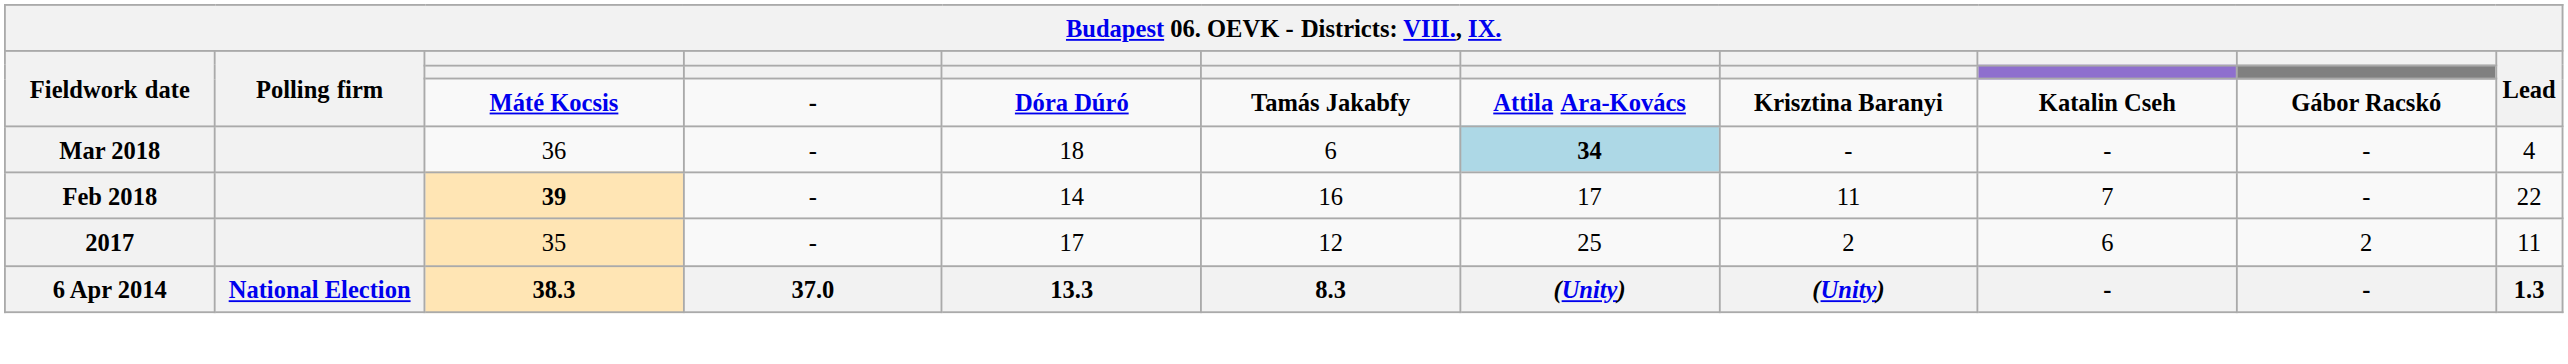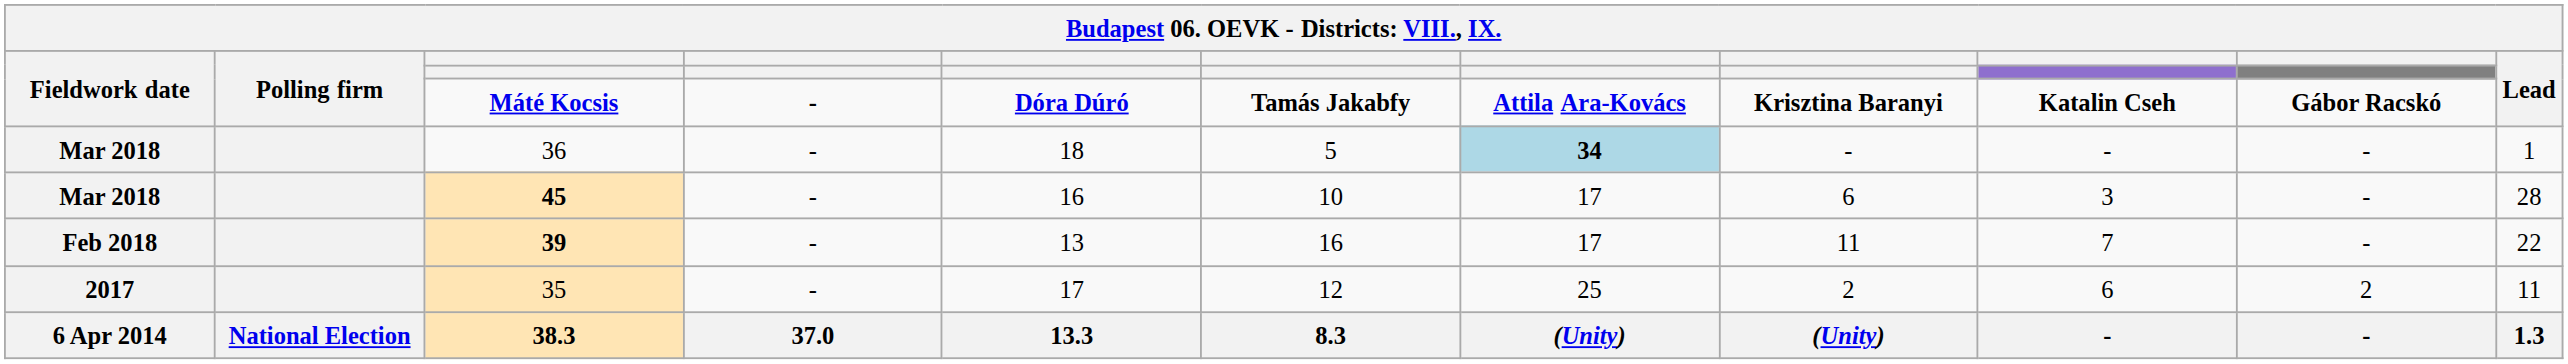 <table class="wikitable mw-collapsible mw-collapsed" style="text-align:center">
 <tr>
 <th colspan="11" style="width: 980pt;"><small><a href='#'>Budapest</a> 06. OEVK -</small> <small>Districts: <a href='#'>VIII.</a>, <a href='#'>IX.</a></small></th>
 </tr>
 <tr>
 <th rowspan="3" style="width: 80pt;"><small>Fieldwork</small> <small>date</small></th>
 <th rowspan="3" style="width: 80pt;"><strong><small>Polling</small> <small>firm</small></strong></th>
 <th style="width: 100pt;"><small></small></th>
 <th style="width: 100pt;"><small> </small></th>
 <th style="width: 100pt;"></th>
 <th style="width: 100pt;"></th>
 <th style="width: 100pt;"></th>
 <th style="width: 100pt;"></th>
 <th style="width: 100pt;"></th>
 <th style="width: 100pt;"></th>
 <th rowspan="3" style="width: 20pt;"><small>Lead</small></th>
 </tr>
 <tr>
 <th style="color:inherit;background:"></th>
 <th style="color:inherit;background:"></th>
 <th style="color:inherit;background:"></th>
 <th style="color:inherit;background:"></th>
 <th style="color:inherit;background:"></th>
 <th style="color:inherit;background:"></th>
 <th style="color:inherit;background:#8E6FCE;"></th>
 <th style="color:inherit;background:#808080;"></th>
 </tr>
 <tr>
 <td><small><strong><a href='#'>Máté Kocsis</a></strong></small></td>
 <td><small><strong>-</strong></small></td>
 <td><small><strong><a href='#'>Dóra Dúró</a></strong></small></td>
 <td><small><strong>Tamás Jakabfy</strong></small></td>
 <td><small><a href='#'><strong>Attila</strong></a></small> <small><a href='#'><strong>Ara-Kovács</strong></a></small></td>
 <td><small><strong>Krisztina Baranyi</strong></small></td>
 <td><small><strong>Katalin Cseh</strong></small></td>
 <td><small><strong>Gábor Racskó</strong></small></td>
 </tr>
 <tr>
 <th><small>Mar 2018</small></th>
 <th><small></small></th>
 <td><small>36</small></td>
 <td><small>-</small></td>
 <td><small>18</small></td>
-<td><small>6</small></td>
+<td><small>5</small></td>
 <td style="background:#ADD8E6"><strong><small>34</small></strong></td>
 <td><small>-</small></td>
 <td><small>-</small></td>
 <td><small>-</small></td>
-<td style="background:"><small>4</small></td>
+<td style="background:"><small>1</small></td>
+</tr>
+<tr>
+<th><small>Mar 2018</small></th>
+<th></th>
+<td style="background:#FFE5B4"><small><strong>45</strong></small></td>
+<td><small>-</small></td>
+<td><small>16</small></td>
+<td><small>10</small></td>
+<td><small>17</small></td>
+<td><small>6</small></td>
+<td><small>3</small></td>
+<td><small>-</small></td>
+<td style="background:"><small>28</small></td>
 </tr>
 <tr>
 <th><small>Feb 2018</small></th>
 <th> </th>
 <td style="background:#FFE5B4"><small><strong>39</strong></small></td>
 <td><small>-</small></td>
-<td><small>14</small></td>
+<td><small>13</small></td>
 <td><small>16</small></td>
 <td><small>17</small></td>
 <td><small>11</small></td>
 <td><small>7</small></td>
 <td><small>-</small></td>
 <td style="background:"><small>22</small></td>
 </tr>
 <tr>
 <th><small>2017</small></th>
 <th><small></small></th>
 <td style="background:#FFE5B4"><small>35</small></td>
 <td><small>-</small></td>
 <td><small>17</small></td>
 <td><small>12</small></td>
 <td><small>25</small></td>
 <td><small>2</small></td>
 <td><small>6</small></td>
 <td><small>2</small></td>
 <td style="background:"><small>11</small></td>
 </tr>
 <tr>
 <th><small>6 Apr 2014</small></th>
 <th><a href='#'><small>National Election</small></a></th>
 <th style="background:#FFE5B4"><small>38.3</small></th>
 <th><small>37.0</small></th>
 <th><small>13.3</small></th>
 <th><small>8.3</small></th>
 <th><small><em>(<a href='#'>Unity</a>)</em></small></th>
 <th><small><em>(<a href='#'>Unity</a>)</em></small></th>
 <th><small>-</small></th>
 <th><small>-</small></th>
 <th style="background:"><small>1.3</small></th>
 </tr>
 </table>
